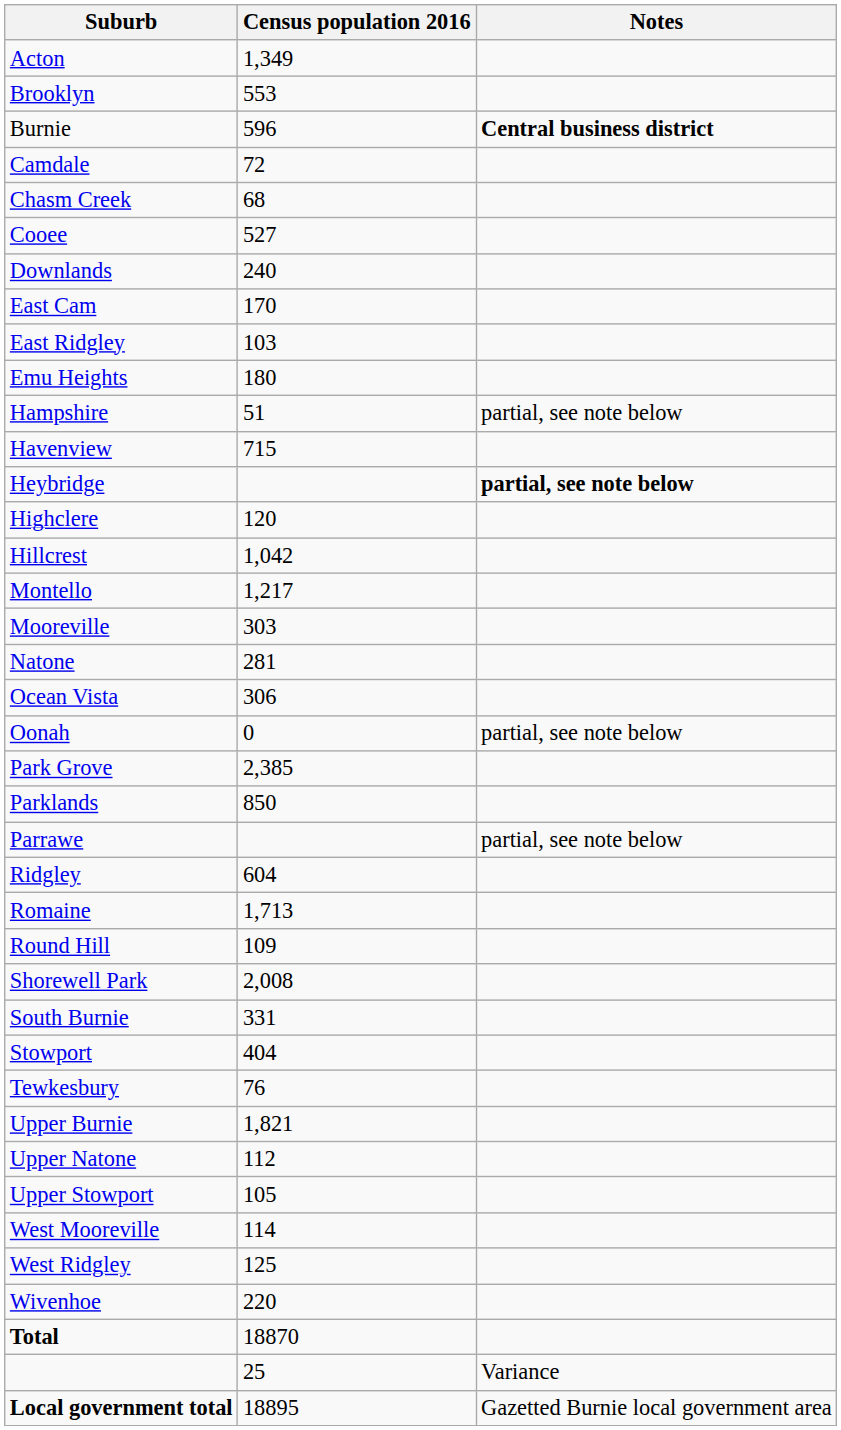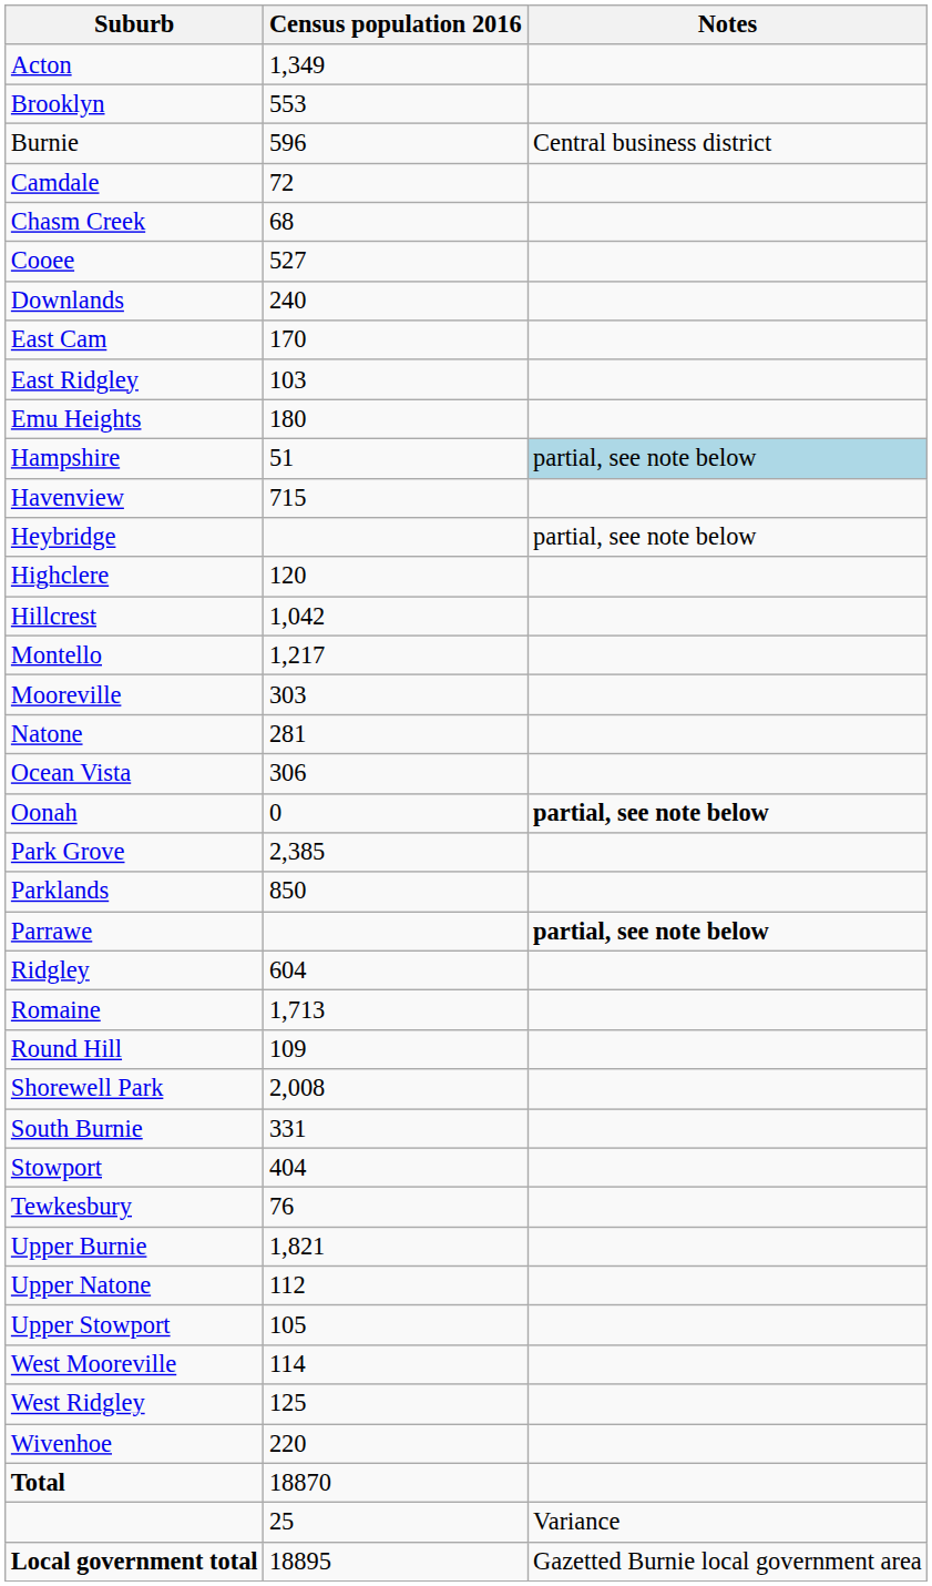 <table class="wikitable">
 <tr>
 <th>Suburb</th>
 <th>Census population 2016</th>
 <th>Notes</th>
 </tr>
 <tr>
 <td><a href='#'>Acton</a></td>
 <td>1,349</td>
 <td></td>
 </tr>
 <tr>
 <td><a href='#'>Brooklyn</a></td>
 <td>553</td>
 <td></td>
 </tr>
 <tr>
 <td>Burnie</td>
 <td>596</td>
-<td><strong>Central business district</strong></td>
+<td>Central business district</td>
 </tr>
 <tr>
 <td><a href='#'>Camdale</a></td>
 <td>72</td>
 <td></td>
 </tr>
 <tr>
 <td><a href='#'>Chasm Creek</a></td>
 <td>68</td>
 <td></td>
 </tr>
 <tr>
 <td><a href='#'>Cooee</a></td>
 <td>527</td>
 <td></td>
 </tr>
 <tr>
 <td><a href='#'>Downlands</a></td>
 <td>240</td>
 <td></td>
 </tr>
 <tr>
 <td><a href='#'>East Cam</a></td>
 <td>170</td>
 <td></td>
 </tr>
 <tr>
 <td><a href='#'>East Ridgley</a></td>
 <td>103</td>
 <td></td>
 </tr>
 <tr>
 <td><a href='#'>Emu Heights</a></td>
 <td>180</td>
 <td></td>
 </tr>
 <tr>
 <td><a href='#'>Hampshire</a></td>
 <td>51</td>
-<td>partial, see note below</td>
+<td style="background: lightblue;">partial, see note below</td>
 </tr>
 <tr>
 <td><a href='#'>Havenview</a></td>
 <td>715</td>
 <td></td>
 </tr>
 <tr>
 <td><a href='#'>Heybridge</a></td>
 <td></td>
-<td><strong>partial, see note below</strong></td>
+<td>partial, see note below</td>
 </tr>
 <tr>
 <td><a href='#'>Highclere</a></td>
 <td>120</td>
 <td></td>
 </tr>
 <tr>
 <td><a href='#'>Hillcrest</a></td>
 <td>1,042</td>
 <td></td>
 </tr>
 <tr>
 <td><a href='#'>Montello</a></td>
 <td>1,217</td>
 <td></td>
 </tr>
 <tr>
 <td><a href='#'>Mooreville</a></td>
 <td>303</td>
 <td></td>
 </tr>
 <tr>
 <td><a href='#'>Natone</a></td>
 <td>281</td>
 <td></td>
 </tr>
 <tr>
 <td><a href='#'>Ocean Vista</a></td>
 <td>306</td>
 <td></td>
 </tr>
 <tr>
 <td><a href='#'>Oonah</a></td>
 <td>0</td>
-<td>partial, see note below</td>
+<td><strong>partial, see note below</strong></td>
 </tr>
 <tr>
 <td><a href='#'>Park Grove</a></td>
 <td>2,385</td>
 <td></td>
 </tr>
 <tr>
 <td><a href='#'>Parklands</a></td>
 <td>850</td>
 <td></td>
 </tr>
 <tr>
 <td><a href='#'>Parrawe</a></td>
 <td></td>
-<td>partial, see note below</td>
+<td><strong>partial, see note below</strong></td>
 </tr>
 <tr>
 <td><a href='#'>Ridgley</a></td>
 <td>604</td>
 <td></td>
 </tr>
 <tr>
 <td><a href='#'>Romaine</a></td>
 <td>1,713</td>
 <td></td>
 </tr>
 <tr>
 <td><a href='#'>Round Hill</a></td>
 <td>109</td>
 <td></td>
 </tr>
 <tr>
 <td><a href='#'>Shorewell Park</a></td>
 <td>2,008</td>
 <td></td>
 </tr>
 <tr>
 <td><a href='#'>South Burnie</a></td>
 <td>331</td>
 <td></td>
 </tr>
 <tr>
 <td><a href='#'>Stowport</a></td>
 <td>404</td>
 <td></td>
 </tr>
 <tr>
 <td><a href='#'>Tewkesbury</a></td>
 <td>76</td>
 <td></td>
 </tr>
 <tr>
 <td><a href='#'>Upper Burnie</a></td>
 <td>1,821</td>
 <td></td>
 </tr>
 <tr>
 <td><a href='#'>Upper Natone</a></td>
 <td>112</td>
 <td></td>
 </tr>
 <tr>
 <td><a href='#'>Upper Stowport</a></td>
 <td>105</td>
 <td></td>
 </tr>
 <tr>
 <td><a href='#'>West Mooreville</a></td>
 <td>114</td>
 <td></td>
 </tr>
 <tr>
 <td><a href='#'>West Ridgley</a></td>
 <td>125</td>
 <td></td>
 </tr>
 <tr>
 <td><a href='#'>Wivenhoe</a></td>
 <td>220</td>
 <td></td>
 </tr>
 <tr>
 <td><strong>Total</strong></td>
 <td>18870</td>
 <td></td>
 </tr>
 <tr>
 <td></td>
 <td>25</td>
 <td>Variance</td>
 </tr>
 <tr>
 <td><strong>Local government total</strong></td>
 <td>18895</td>
 <td>Gazetted Burnie local government area</td>
 </tr>
 <tr>
 </tr>
 </table>
